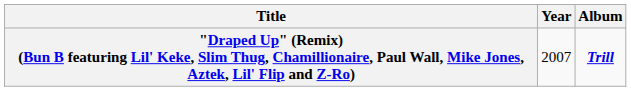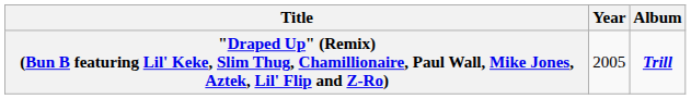 <table class="wikitable plainrowheaders" style="text-align:center;">
 <tr>
 <th scope="col" style="width:35em;">Title</th>
 <th scope="col">Year</th>
 <th scope="col">Album</th>
 </tr>
 <tr>
 <th scope="row">"<a href='#'>Draped Up</a>" (Remix)<br><span>(<a href='#'>Bun B</a> featuring <a href='#'>Lil' Keke</a>, <a href='#'>Slim Thug</a>, <a href='#'>Chamillionaire</a>, Paul Wall, <a href='#'>Mike Jones</a>, <a href='#'>Aztek</a>, <a href='#'>Lil' Flip</a> and <a href='#'>Z-Ro</a>)</span></th>
-<td>2007</td>
+<td>2005</td>
 <td><strong><em><a href='#'>Trill</a></em></strong></td>
 </tr>
 </table>
